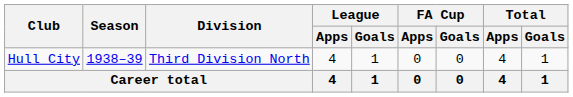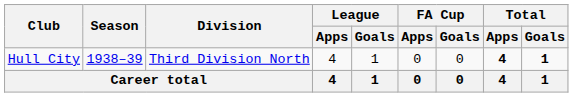 <table class="wikitable" style="text-align:center;">
 <tr>
 <th rowspan="2">Club</th>
 <th rowspan="2">Season</th>
 <th rowspan="2">Division</th>
 <th colspan="2">League</th>
 <th colspan="2">FA Cup</th>
 <th colspan="2">Total</th>
 </tr>
 <tr>
 <th>Apps</th>
 <th>Goals</th>
 <th>Apps</th>
 <th>Goals</th>
 <th>Apps</th>
 <th>Goals</th>
 </tr>
 <tr>
 <td><a href='#'>Hull City</a></td>
 <td><a href='#'>1938–39</a></td>
 <td><a href='#'>Third Division North</a></td>
 <td>4</td>
 <td>1</td>
 <td>0</td>
 <td>0</td>
-<td>4</td>
-<td>1</td>
+<td><strong>4</strong></td>
+<td><strong>1</strong></td>
 </tr>
 <tr>
 <th colspan="3">Career total</th>
 <th>4</th>
 <th>1</th>
 <th>0</th>
 <th>0</th>
 <th>4</th>
 <th>1</th>
 </tr>
 </table>
